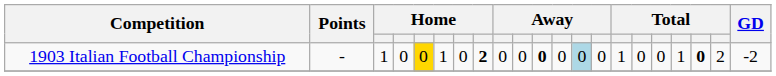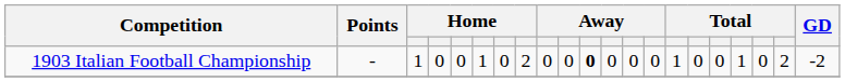 <table class="wikitable" style="font-size:90%;width:100%;margin:auto;clear:both;text-align:center;">
 <tr>
 <th rowspan="2">Competition</th>
 <th rowspan="2">Points</th>
 <th colspan="6">Home</th>
 <th colspan="6">Away</th>
 <th colspan="6">Total</th>
 <th rowspan="2"><a href='#'>GD</a></th>
 </tr>
 <tr>
 <th></th>
 <th></th>
 <th></th>
 <th></th>
 <th></th>
 <th></th>
 <th></th>
 <th></th>
 <th></th>
 <th></th>
 <th></th>
 <th></th>
 <th></th>
 <th></th>
 <th></th>
 <th></th>
 <th></th>
 <th></th>
 </tr>
 <tr>
 <td><a href='#'>1903 Italian Football Championship</a></td>
 <td>-</td>
 <td>1</td>
 <td>0</td>
-<td style="background: gold;">0</td>
+<td>0</td>
 <td>1</td>
 <td>0</td>
-<td><strong>2</strong></td>
+<td>2</td>
 <td>0</td>
 <td>0</td>
 <td><strong>0</strong></td>
 <td>0</td>
-<td style="background: lightblue;">0</td>
+<td>0</td>
 <td>0</td>
 <td>1</td>
 <td>0</td>
 <td>0</td>
 <td>1</td>
-<td><strong>0</strong></td>
+<td>0</td>
 <td>2</td>
 <td>-2</td>
 </tr>
 <tr>
 </tr>
 </table>
